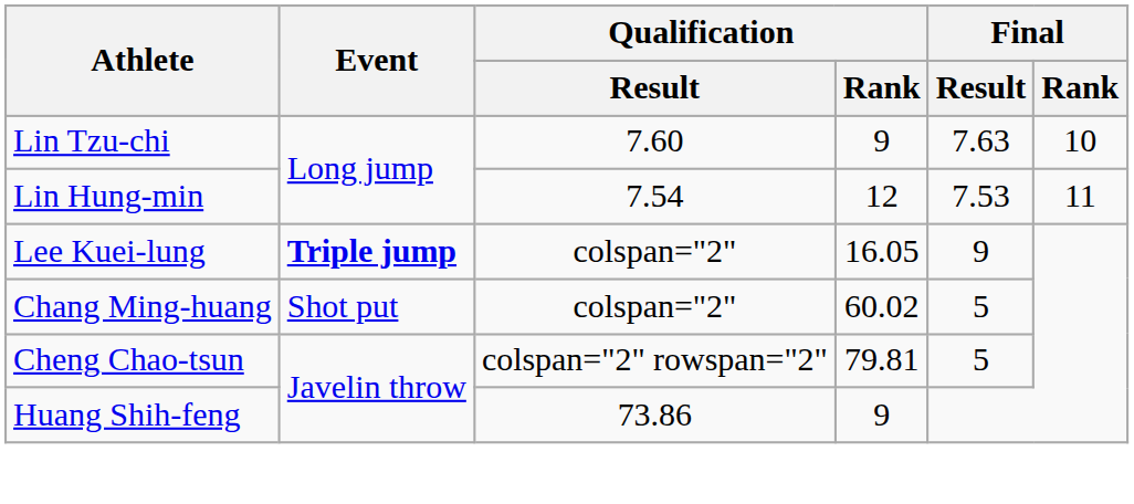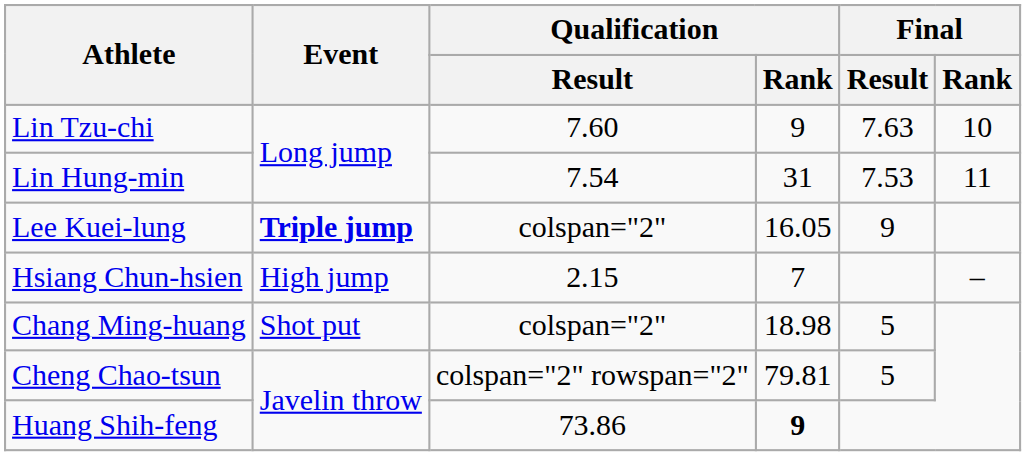 <table class="wikitable" style="text-align:center; font-size:90%">
 <tr>
 <th rowspan="2">Athlete</th>
 <th rowspan="2">Event</th>
 <th colspan="2">Qualification</th>
 <th colspan="2">Final</th>
 </tr>
 <tr>
 <th>Result</th>
 <th>Rank</th>
 <th>Result</th>
 <th>Rank</th>
 </tr>
 <tr>
 <td align="left"><a href='#'>Lin Tzu-chi</a></td>
 <td align="left" rowspan="2"><a href='#'>Long jump</a></td>
 <td>7.60</td>
 <td>9 <strong></strong></td>
 <td>7.63</td>
 <td>10</td>
 </tr>
 <tr>
 <td align="left"><a href='#'>Lin Hung-min</a></td>
 <td>7.54</td>
-<td>12 <strong></strong></td>
+<td>31 <strong></strong></td>
 <td>7.53</td>
 <td>11</td>
 </tr>
 <tr>
 <td align="left"><a href='#'>Lee Kuei-lung</a></td>
 <td align="left"><strong><a href='#'>Triple jump</a></strong></td>
 <td>colspan="2" </td>
 <td>16.05</td>
 <td>9</td>
 </tr>
 <tr>
+<td align="left"><a href='#'>Hsiang Chun-hsien</a></td>
+<td align="left"><a href='#'>High jump</a></td>
+<td>2.15</td>
+<td>7 <strong></strong></td>
+<td><strong></strong></td>
+<td>–</td>
+</tr>
+<tr>
 <td align="left"><a href='#'>Chang Ming-huang</a></td>
 <td align="left"><a href='#'>Shot put</a></td>
 <td>colspan="2" </td>
-<td>60.02</td>
+<td>18.98</td>
 <td>5 <strong></strong></td>
 </tr>
 <tr>
 <td align="left"><a href='#'>Cheng Chao-tsun</a></td>
 <td align="left" rowspan="2"><a href='#'>Javelin throw</a></td>
 <td>colspan="2" rowspan="2" </td>
 <td>79.81</td>
 <td>5</td>
 </tr>
 <tr>
 <td align="left"><a href='#'>Huang Shih-feng</a></td>
 <td>73.86</td>
-<td>9</td>
+<td><strong>9</strong></td>
 </tr>
 </table>
